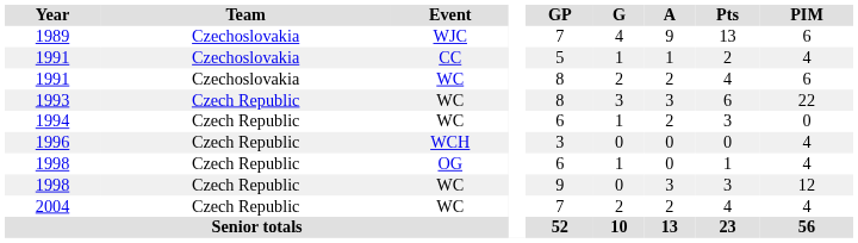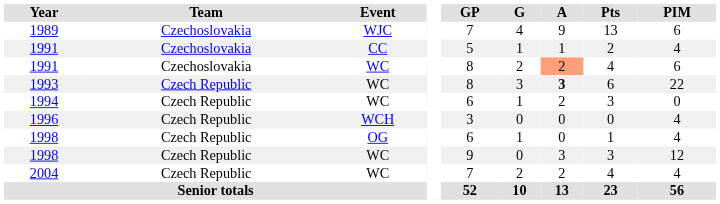 <table border="0" cellpadding="1" cellspacing="0" style="text-align:center; width:50em">
 <tr align="center" bgcolor="#e0e0e0">
 <th>Year</th>
 <th>Team</th>
 <th>Event</th>
 <th rowspan="99" bgcolor="#ffffff"> </th>
 <th>GP</th>
 <th>G</th>
 <th>A</th>
 <th>Pts</th>
 <th>PIM</th>
 </tr>
 <tr>
 <td><a href='#'>1989</a></td>
 <td><a href='#'>Czechoslovakia</a></td>
 <td><a href='#'>WJC</a></td>
 <td>7</td>
 <td>4</td>
 <td>9</td>
 <td>13</td>
 <td>6</td>
 </tr>
 <tr bgcolor="#f0f0f0">
 <td><a href='#'>1991</a></td>
 <td><a href='#'>Czechoslovakia</a></td>
 <td><a href='#'>CC</a></td>
 <td>5</td>
 <td>1</td>
 <td>1</td>
 <td>2</td>
 <td>4</td>
 </tr>
 <tr>
 <td><a href='#'>1991</a></td>
 <td>Czechoslovakia</td>
 <td><a href='#'>WC</a></td>
 <td>8</td>
 <td>2</td>
-<td>2</td>
+<td style="background: lightsalmon;">2</td>
 <td>4</td>
 <td>6</td>
 </tr>
 <tr bgcolor="#f0f0f0">
 <td><a href='#'>1993</a></td>
 <td><a href='#'>Czech Republic</a></td>
 <td>WC</td>
 <td>8</td>
 <td>3</td>
-<td>3</td>
+<td><strong>3</strong></td>
 <td>6</td>
 <td>22</td>
 </tr>
 <tr>
 <td><a href='#'>1994</a></td>
 <td>Czech Republic</td>
 <td>WC</td>
 <td>6</td>
 <td>1</td>
 <td>2</td>
 <td>3</td>
 <td>0</td>
 </tr>
 <tr bgcolor="#f0f0f0">
 <td><a href='#'>1996</a></td>
 <td>Czech Republic</td>
 <td><a href='#'>WCH</a></td>
 <td>3</td>
 <td>0</td>
 <td>0</td>
 <td>0</td>
 <td>4</td>
 </tr>
 <tr>
 <td><a href='#'>1998</a></td>
 <td>Czech Republic</td>
 <td><a href='#'>OG</a></td>
 <td>6</td>
 <td>1</td>
 <td>0</td>
 <td>1</td>
 <td>4</td>
 </tr>
 <tr bgcolor="#f0f0f0">
 <td><a href='#'>1998</a></td>
 <td>Czech Republic</td>
 <td>WC</td>
 <td>9</td>
 <td>0</td>
 <td>3</td>
 <td>3</td>
 <td>12</td>
 </tr>
 <tr>
 <td><a href='#'>2004</a></td>
 <td>Czech Republic</td>
 <td>WC</td>
 <td>7</td>
 <td>2</td>
 <td>2</td>
 <td>4</td>
 <td>4</td>
 </tr>
 <tr bgcolor="#e0e0e0">
 <th colspan=3>Senior totals</th>
 <th>52</th>
 <th>10</th>
 <th>13</th>
 <th>23</th>
 <th>56</th>
 </tr>
 </table>
